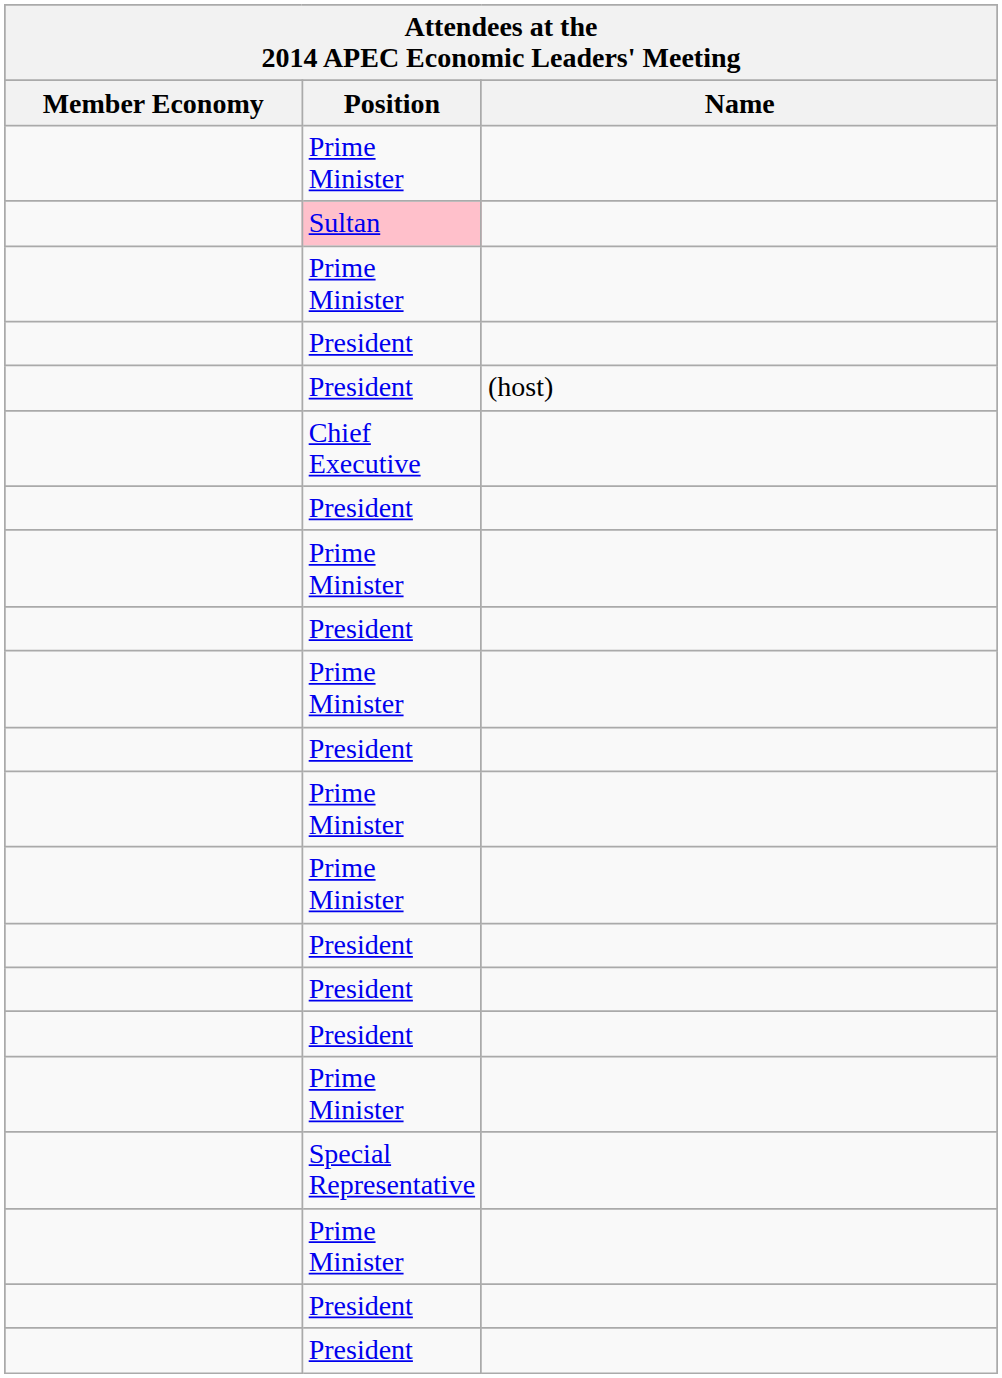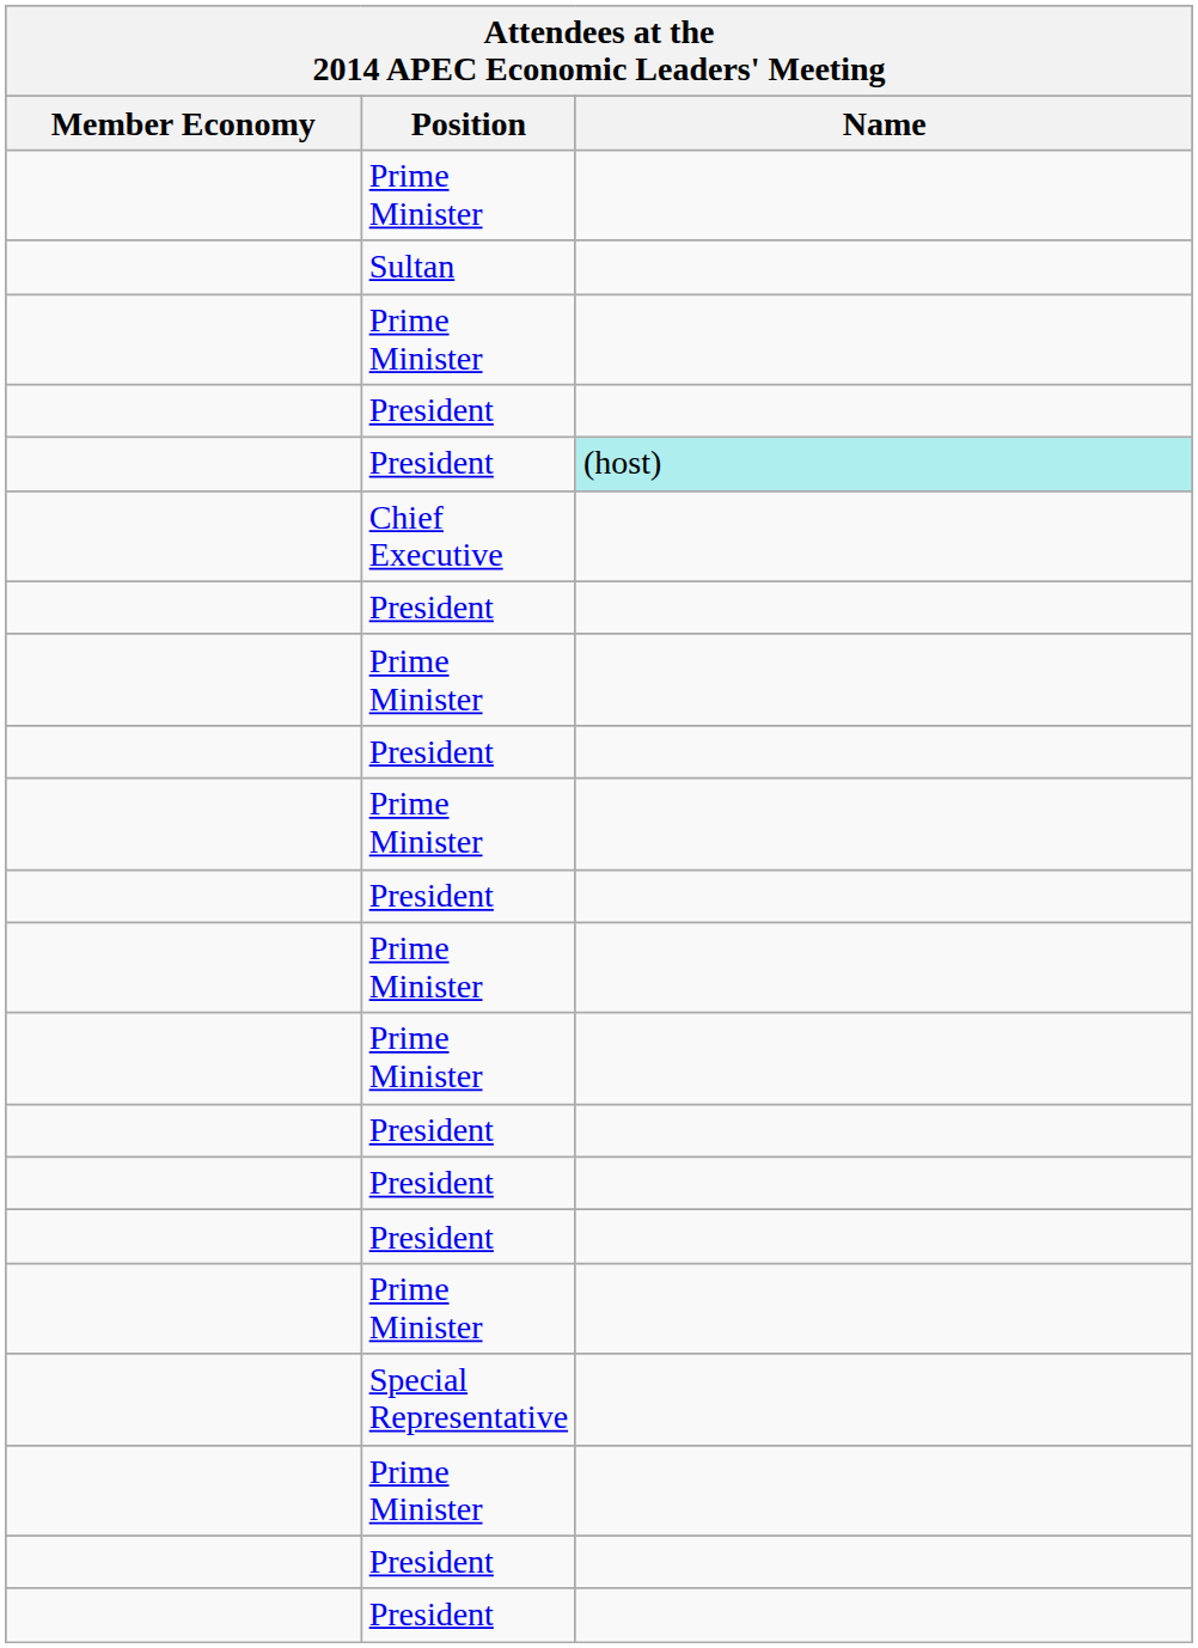 <table class="wikitable collapsible sortable collapsed" style="margin:1em auto; width:45%;">
 <tr>
 <th colspan=4>Attendees at the<br> 2014 APEC Economic Leaders' Meeting</th>
 </tr>
 <tr>
 <th width=30%>Member Economy</th>
 <th width=10%>Position</th>
 <th>Name</th>
 </tr>
 <tr>
 <td></td>
 <td><a href='#'>Prime Minister</a></td>
 <td></td>
 </tr>
 <tr>
 <td></td>
-<td style="background: pink;"><a href='#'>Sultan</a></td>
+<td><a href='#'>Sultan</a></td>
 <td></td>
 </tr>
 <tr>
 <td></td>
 <td><a href='#'>Prime Minister</a></td>
 <td></td>
 </tr>
 <tr>
 <td></td>
 <td><a href='#'>President</a></td>
 <td></td>
 </tr>
 <tr>
 <td></td>
 <td><a href='#'>President</a></td>
-<td> (host)</td>
+<td style="background: paleturquoise;"> (host)</td>
 </tr>
 <tr>
 <td></td>
 <td><a href='#'>Chief Executive</a></td>
 <td></td>
 </tr>
 <tr>
 <td></td>
 <td><a href='#'>President</a></td>
 <td></td>
 </tr>
 <tr>
 <td></td>
 <td><a href='#'>Prime Minister</a></td>
 <td></td>
 </tr>
 <tr>
 <td></td>
 <td><a href='#'>President</a></td>
 <td></td>
 </tr>
 <tr>
 <td></td>
 <td><a href='#'>Prime Minister</a></td>
 <td></td>
 </tr>
 <tr>
 <td></td>
 <td><a href='#'>President</a></td>
 <td></td>
 </tr>
 <tr>
 <td></td>
 <td><a href='#'>Prime Minister</a></td>
 <td></td>
 </tr>
 <tr>
 <td></td>
 <td><a href='#'>Prime Minister</a></td>
 <td></td>
 </tr>
 <tr>
 <td></td>
 <td><a href='#'>President</a></td>
 <td></td>
 </tr>
 <tr>
 <td></td>
 <td><a href='#'>President</a></td>
 <td></td>
 </tr>
 <tr>
 <td></td>
 <td><a href='#'>President</a></td>
 <td></td>
 </tr>
 <tr>
 <td></td>
 <td><a href='#'>Prime Minister</a></td>
 <td></td>
 </tr>
 <tr>
 <td></td>
 <td><a href='#'>Special Representative</a></td>
 <td></td>
 </tr>
 <tr>
 <td></td>
 <td><a href='#'>Prime Minister</a></td>
 <td></td>
 </tr>
 <tr>
 <td></td>
 <td><a href='#'>President</a></td>
 <td></td>
 </tr>
 <tr>
 <td></td>
 <td><a href='#'>President</a></td>
 <td></td>
 </tr>
 </table>
